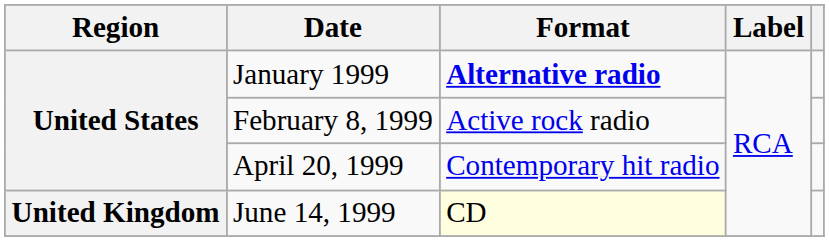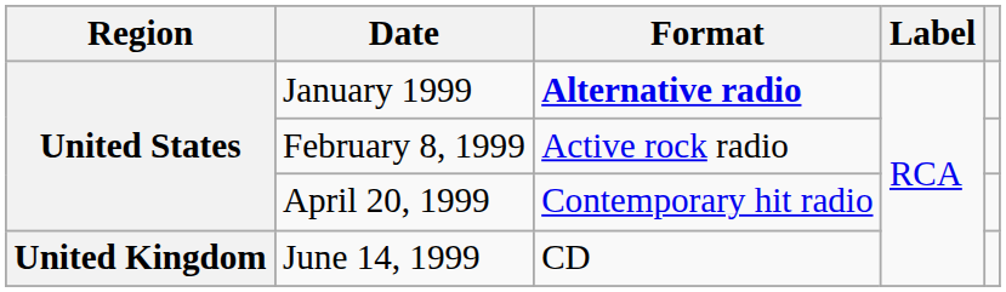 <table class="wikitable plainrowheaders">
 <tr>
 <th scope="col">Region</th>
 <th scope="col">Date</th>
 <th scope="col">Format</th>
 <th scope="col">Label</th>
 <th scope="col"></th>
 </tr>
 <tr>
 <th scope="row" rowspan="3">United States</th>
 <td>January 1999</td>
 <td><strong><a href='#'>Alternative radio</a></strong></td>
 <td rowspan="4"><a href='#'>RCA</a></td>
 <td></td>
 </tr>
 <tr>
 <td>February 8, 1999</td>
 <td><a href='#'>Active rock</a> radio</td>
 <td></td>
 </tr>
 <tr>
 <td>April 20, 1999</td>
 <td><a href='#'>Contemporary hit radio</a></td>
 <td></td>
 </tr>
 <tr>
 <th scope="row"rowspan="1">United Kingdom</th>
 <td>June 14, 1999</td>
-<td style="background: lightyellow;">CD</td>
+<td>CD</td>
 <td></td>
 </tr>
 </table>
